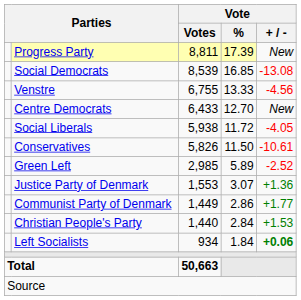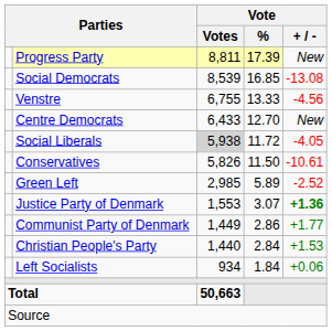 <table class="wikitable" style="text-align:right;">
 <tr>
 <th style="text-align:centre;" rowspan="2" colspan="2" width="225">Parties</th>
 <th colspan="3">Vote</th>
 </tr>
 <tr>
 <th width="15">Votes</th>
 <th width="15">%</th>
 <th width="15">+ / -</th>
 </tr>
 <tr>
 <td width="2" style="color:inherit;background:"></td>
 <td bgcolor=#ffffb2  align="left"><a href='#'>Progress Party</a></td>
 <td bgcolor=#ffffb2>8,811</td>
 <td bgcolor=#ffffb2>17.39</td>
 <td><em>New</em></td>
 </tr>
 <tr>
 <td width="2" style="color:inherit;background:"></td>
 <td align="left"><a href='#'>Social Democrats</a></td>
 <td>8,539</td>
 <td>16.85</td>
 <td style=color:red;>-13.08</td>
 </tr>
 <tr>
 <td width="2" style="color:inherit;background:"></td>
 <td align="left"><a href='#'>Venstre</a></td>
 <td>6,755</td>
 <td>13.33</td>
 <td style=color:red;>-4.56</td>
 </tr>
 <tr>
 <td width="2" style="color:inherit;background:"></td>
 <td align="left"><a href='#'>Centre Democrats</a></td>
 <td>6,433</td>
 <td>12.70</td>
 <td><em>New</em></td>
 </tr>
 <tr>
 <td width="2" style="color:inherit;background:"></td>
 <td align="left"><a href='#'>Social Liberals</a></td>
-<td>5,938</td>
+<td style="background: lightgrey;">5,938</td>
 <td>11.72</td>
 <td style=color:red;>-4.05</td>
 </tr>
 <tr>
 <td width="2" style="color:inherit;background:"></td>
 <td align="left"><a href='#'>Conservatives</a></td>
 <td>5,826</td>
 <td>11.50</td>
 <td style=color:red;>-10.61</td>
 </tr>
 <tr>
 <td width="2" style="color:inherit;background:"></td>
 <td align="left"><a href='#'>Green Left</a></td>
 <td>2,985</td>
 <td>5.89</td>
 <td style=color:red;>-2.52</td>
 </tr>
 <tr>
 <td width="2" style="color:inherit;background:"></td>
 <td align="left"><a href='#'>Justice Party of Denmark</a></td>
 <td>1,553</td>
 <td>3.07</td>
-<td style=color:green;>+1.36</td>
+<td style=color:green;><strong>+1.36</strong></td>
 </tr>
 <tr>
 <td width="2" style="color:inherit;background:"></td>
 <td align="left"><a href='#'>Communist Party of Denmark</a></td>
 <td>1,449</td>
 <td>2.86</td>
 <td style=color:green;>+1.77</td>
 </tr>
 <tr>
 <td width="2" style="color:inherit;background:"></td>
 <td align="left"><a href='#'>Christian People's Party</a></td>
 <td>1,440</td>
 <td>2.84</td>
 <td style=color:green;>+1.53</td>
 </tr>
 <tr>
 <td width="2" style="color:inherit;background:"></td>
 <td align="left"><a href='#'>Left Socialists</a></td>
 <td>934</td>
 <td>1.84</td>
-<td style=color:green;><strong>+0.06</strong></td>
+<td style=color:green;>+0.06</td>
 </tr>
 <tr>
 <td colspan="7" bgcolor="#E9E9E9"></td>
 </tr>
 <tr>
 <td align="left" colspan="2"><strong>Total</strong></td>
 <td><strong>50,663</strong></td>
 <td bgcolor="#E9E9E9" colspan="2"></td>
 </tr>
 <tr>
 <td align="left" colspan="6">Source</td>
 </tr>
 </table>
